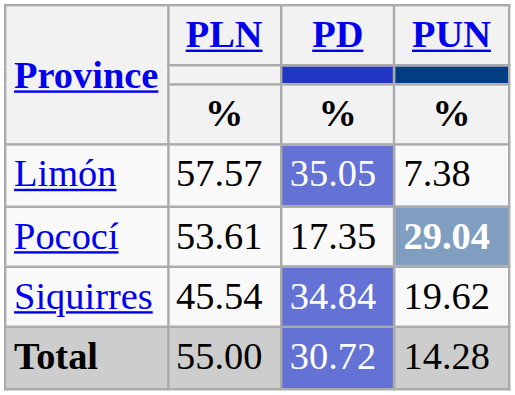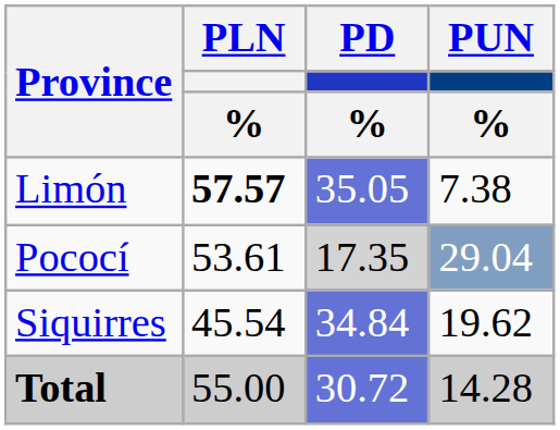 <table class="wikitable mw-collapsible mw-collapsed">
 <tr>
 <th rowspan="3"><a href='#'>Province</a></th>
 <th colspan="1" width="40px"><a href='#'>PLN</a></th>
 <th colspan="1" width="40px"><a href='#'>PD</a></th>
 <th colspan="1" width="40px"><a href='#'>PUN</a></th>
 </tr>
 <tr>
 <th colspan="1" style="background:"></th>
 <th colspan="1" style="background:#2136C2"></th>
 <th colspan="1" style="background:#013d82"></th>
 </tr>
 <tr>
 <th data-sort-type="number">%</th>
 <th data-sort-type="number">%</th>
 <th data-sort-type="number">%</th>
 </tr>
 <tr>
 <td align="left"><a href='#'>Limón</a></td>
-<td style="background:">57.57</td>
+<td style="background:"><strong>57.57</strong></td>
 <td style="background:#6372d4; color:white;">35.05</td>
 <td>7.38</td>
 </tr>
 <tr>
 <td align="left"><a href='#'>Pococí</a></td>
 <td style="background:">53.61</td>
-<td>17.35</td>
-<td style="background:#809ec0; color:white;"><strong>29.04</strong></td>
+<td style="background: lightgrey;">17.35</td>
+<td style="background:#809ec0; color:white;">29.04</td>
 </tr>
 <tr>
 <td align="left"><a href='#'>Siquirres</a></td>
 <td style="background:">45.54</td>
 <td style="background:#6372d4; color:white;">34.84</td>
 <td>19.62</td>
 </tr>
 <tr style="background:#CDCDCD;">
 <td align="left"><strong>Total</strong></td>
 <td style="background:">55.00</td>
 <td style="background:#6372d4; color:white;">30.72</td>
 <td>14.28</td>
 </tr>
 </table>
